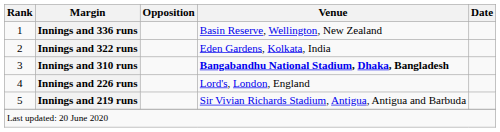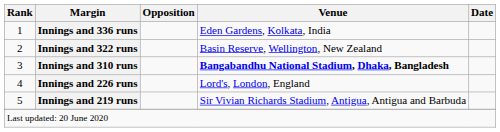 <table class="wikitable plainrowheaders sortable">
 <tr>
 <th scope=col>Rank</th>
 <th scope=col>Margin</th>
 <th scope=col>Opposition</th>
 <th scope=col>Venue</th>
 <th scope=col>Date</th>
 </tr>
 <tr>
 <td align=center>1</td>
 <th scope=row style=text-align:center;>Innings and 336 runs</th>
 <td></td>
-<td><a href='#'>Basin Reserve</a>, <a href='#'>Wellington</a>, New Zealand</td>
+<td><a href='#'>Eden Gardens</a>, <a href='#'>Kolkata</a>, India</td>
 <td></td>
 </tr>
 <tr>
 <td align=center>2</td>
 <th scope=row style=text-align:center;>Innings and 322 runs</th>
 <td></td>
-<td><a href='#'>Eden Gardens</a>, <a href='#'>Kolkata</a>, India</td>
+<td><a href='#'>Basin Reserve</a>, <a href='#'>Wellington</a>, New Zealand</td>
 <td></td>
 </tr>
 <tr>
 <td align=center>3</td>
 <th scope=row style=text-align:center>Innings and 310 runs</th>
 <td></td>
 <td><strong><a href='#'>Bangabandhu National Stadium</a>, <a href='#'>Dhaka</a>, Bangladesh</strong></td>
 <td></td>
 </tr>
 <tr>
 <td align=center>4</td>
 <th scope=row style=text-align:center>Innings and 226 runs</th>
 <td></td>
 <td><a href='#'>Lord's</a>, <a href='#'>London</a>, England</td>
 <td></td>
 </tr>
 <tr>
 <td align=center>5</td>
 <th scope=row style=text-align:center;>Innings and 219 runs</th>
 <td></td>
 <td><a href='#'>Sir Vivian Richards Stadium</a>, <a href='#'>Antigua</a>, Antigua and Barbuda</td>
 <td></td>
 </tr>
 <tr>
 </tr>
 <tr class=sortbottom>
 <td colspan=5><small>Last updated: 20 June 2020</small></td>
 </tr>
 </table>
